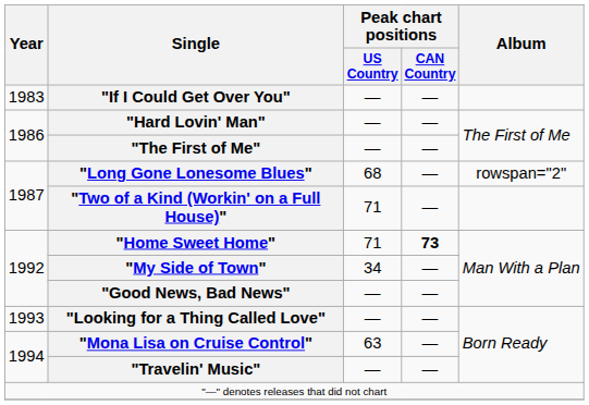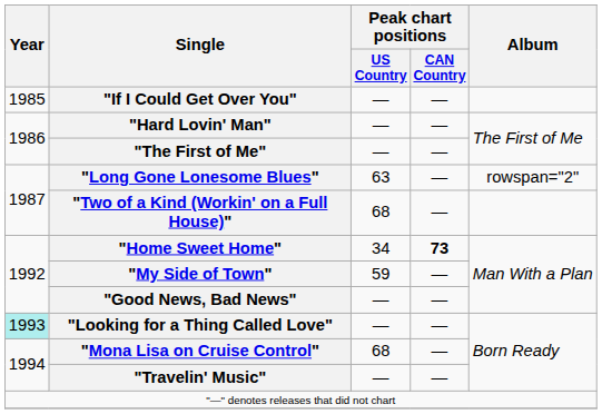 <table class="wikitable plainrowheaders" style="text-align:center;">
 <tr>
 <th rowspan="2">Year</th>
 <th rowspan="2" style="width:18em;">Single</th>
 <th colspan="2">Peak chart<br>positions</th>
 <th rowspan="2">Album</th>
 </tr>
 <tr style="font-size:smaller;">
 <th width="45"><a href='#'>US Country</a></th>
 <th width="45"><a href='#'>CAN Country</a></th>
 </tr>
 <tr>
-<td>1983</td>
+<td>1985</td>
 <th scope="row">"If I Could Get Over You"</th>
 <td>—</td>
 <td>—</td>
 <td></td>
 </tr>
 <tr>
 <td rowspan="2">1986</td>
 <th scope="row">"Hard Lovin' Man"</th>
 <td>—</td>
 <td>—</td>
 <td align="left" rowspan="2"><em>The First of Me</em></td>
 </tr>
 <tr>
 <th scope="row">"The First of Me"</th>
 <td>—</td>
 <td>—</td>
 </tr>
 <tr>
 <td rowspan="2">1987</td>
 <th scope="row">"<a href='#'>Long Gone Lonesome Blues</a>"</th>
-<td>68</td>
+<td>63</td>
 <td>—</td>
 <td>rowspan="2" </td>
 </tr>
 <tr>
 <th scope="row">"<a href='#'>Two of a Kind (Workin' on a Full House)</a>"</th>
-<td>71</td>
+<td>68</td>
 <td>—</td>
 </tr>
 <tr>
 <td rowspan="3">1992</td>
 <th scope="row">"<a href='#'>Home Sweet Home</a>"</th>
-<td>71</td>
+<td>34</td>
 <td><strong>73</strong></td>
 <td align="left" rowspan="3"><em>Man With a Plan</em></td>
 </tr>
 <tr>
 <th scope="row">"<a href='#'>My Side of Town</a>"</th>
-<td>34</td>
+<td>59</td>
 <td>—</td>
 </tr>
 <tr>
 <th scope="row">"Good News, Bad News"</th>
 <td>—</td>
 <td>—</td>
 </tr>
 <tr>
-<td>1993</td>
+<td style="background: paleturquoise;">1993</td>
 <th scope="row">"Looking for a Thing Called Love"</th>
 <td>—</td>
 <td>—</td>
 <td align="left" rowspan="3"><em>Born Ready</em></td>
 </tr>
 <tr>
 <td rowspan="2">1994</td>
 <th scope="row">"<a href='#'>Mona Lisa on Cruise Control</a>"</th>
-<td>63</td>
+<td>68</td>
 <td>—</td>
 </tr>
 <tr>
 <th scope="row">"Travelin' Music"</th>
 <td>—</td>
 <td>—</td>
 </tr>
 <tr>
 <td colspan="5" style="font-size:8pt">"—" denotes releases that did not chart</td>
 </tr>
 <tr>
 </tr>
 </table>
